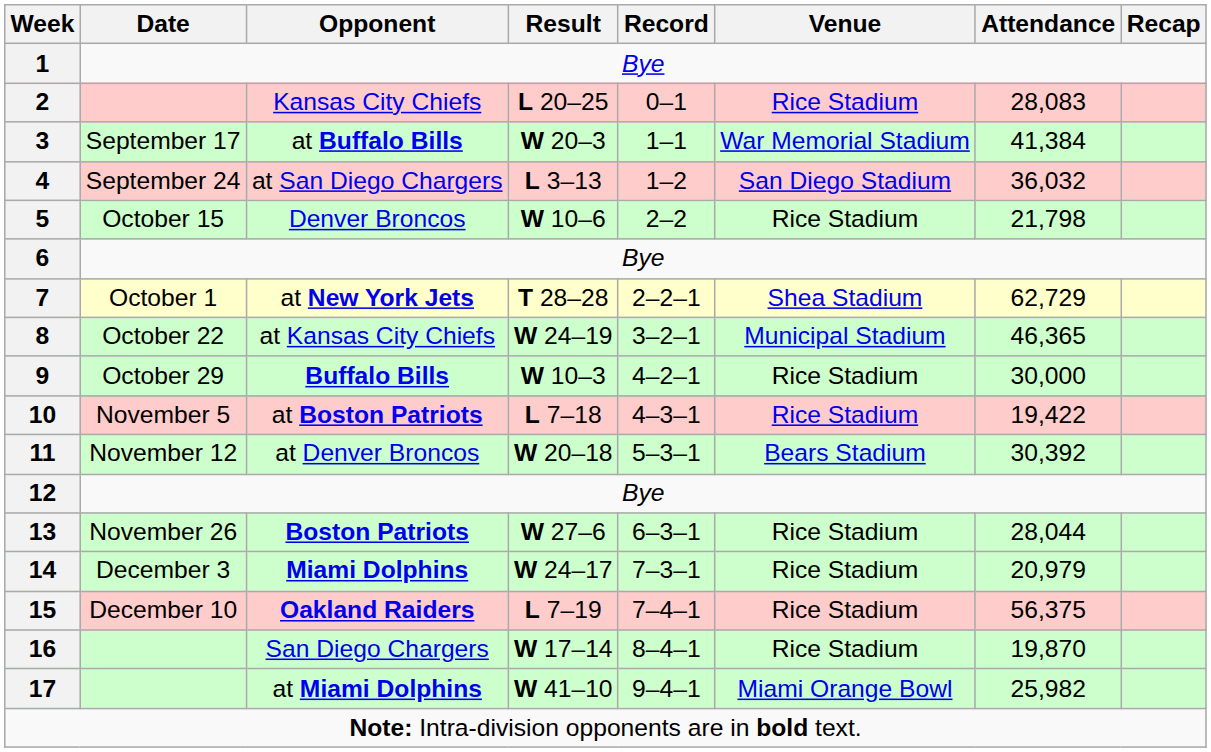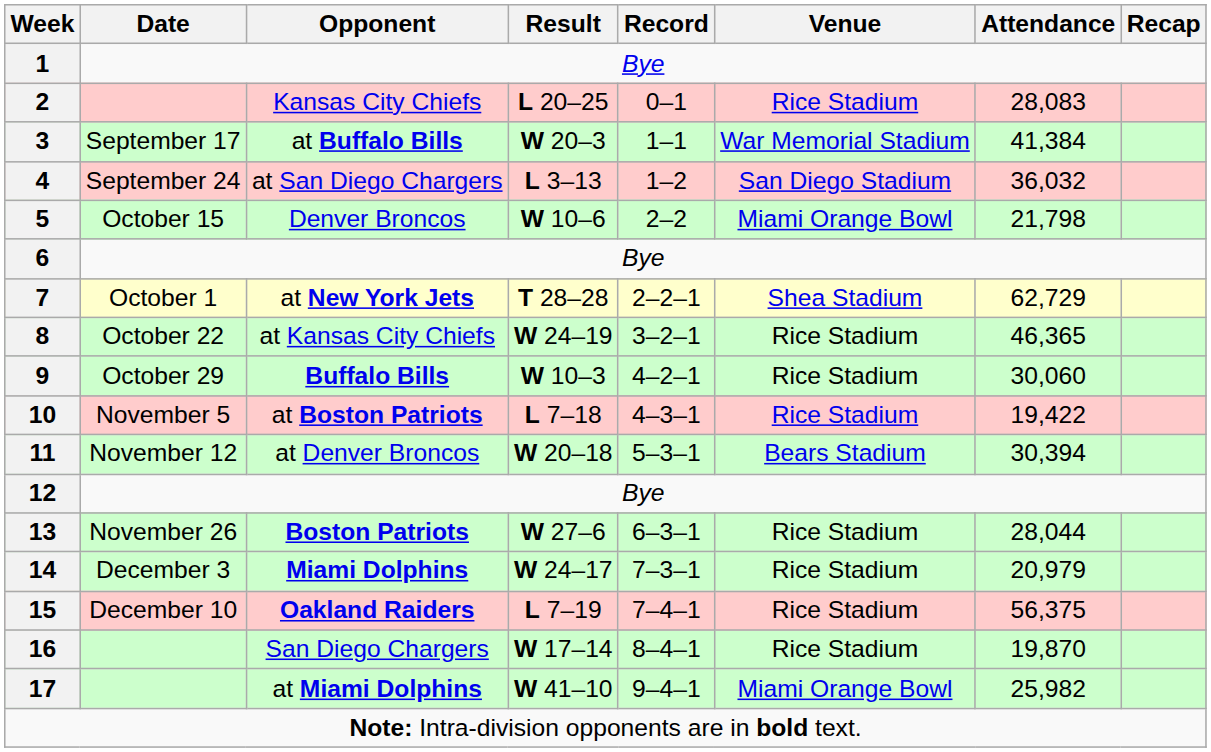 <table class="wikitable" style="text-align:center">
 <tr>
 <th>Week</th>
 <th>Date</th>
 <th>Opponent</th>
 <th>Result</th>
 <th>Record</th>
 <th>Venue</th>
 <th>Attendance</th>
 <th>Recap</th>
 </tr>
 <tr>
 <th>1</th>
 <td colspan=7 align=center><em><a href='#'>Bye</a></em></td>
 </tr>
 <tr style="background: #fcc;">
 <th>2</th>
 <td></td>
 <td><a href='#'>Kansas City Chiefs</a></td>
 <td><strong>L</strong> 20–25</td>
 <td>0–1</td>
 <td><a href='#'>Rice Stadium</a></td>
 <td>28,083</td>
 <td></td>
 </tr>
 <tr style="background: #cfc;">
 <th>3</th>
 <td>September 17</td>
 <td>at <strong><a href='#'>Buffalo Bills</a></strong></td>
 <td><strong>W</strong> 20–3</td>
 <td>1–1</td>
 <td><a href='#'>War Memorial Stadium</a></td>
 <td>41,384</td>
 <td></td>
 </tr>
 <tr style="background: #fcc;">
 <th>4</th>
 <td>September 24</td>
 <td>at <a href='#'>San Diego Chargers</a></td>
 <td><strong>L</strong> 3–13</td>
 <td>1–2</td>
 <td><a href='#'>San Diego Stadium</a></td>
 <td>36,032</td>
 <td></td>
 </tr>
 <tr style="background: #cfc;">
 <th>5</th>
 <td>October 15</td>
 <td><a href='#'>Denver Broncos</a></td>
 <td><strong>W</strong> 10–6</td>
 <td>2–2</td>
-<td>Rice Stadium</td>
+<td><a href='#'>Miami Orange Bowl</a></td>
 <td>21,798</td>
 <td></td>
 </tr>
 <tr>
 <th>6</th>
 <td colspan=7 align=center><em>Bye</em></td>
 </tr>
 <tr style="background: #ffc;">
 <th>7</th>
 <td>October 1</td>
 <td>at <strong><a href='#'>New York Jets</a></strong></td>
 <td><strong>T</strong> 28–28</td>
 <td>2–2–1</td>
 <td><a href='#'>Shea Stadium</a></td>
 <td>62,729</td>
 <td></td>
 </tr>
 <tr style="background: #cfc;">
 <th>8</th>
 <td>October 22</td>
 <td>at <a href='#'>Kansas City Chiefs</a></td>
 <td><strong>W</strong> 24–19</td>
 <td>3–2–1</td>
-<td><a href='#'>Municipal Stadium</a></td>
+<td>Rice Stadium</td>
 <td>46,365</td>
 <td></td>
 </tr>
 <tr style="background: #cfc;">
 <th>9</th>
 <td>October 29</td>
 <td><strong><a href='#'>Buffalo Bills</a></strong></td>
 <td><strong>W</strong> 10–3</td>
 <td>4–2–1</td>
 <td>Rice Stadium</td>
-<td>30,000</td>
+<td>30,060</td>
 <td></td>
 </tr>
 <tr style="background: #fcc;">
 <th>10</th>
 <td>November 5</td>
 <td>at <strong><a href='#'>Boston Patriots</a></strong></td>
 <td><strong>L</strong> 7–18</td>
 <td>4–3–1</td>
 <td><a href='#'>Rice Stadium</a></td>
 <td>19,422</td>
 <td></td>
 </tr>
 <tr style="background: #cfc;">
 <th>11</th>
 <td>November 12</td>
 <td>at <a href='#'>Denver Broncos</a></td>
 <td><strong>W</strong> 20–18</td>
 <td>5–3–1</td>
 <td><a href='#'>Bears Stadium</a></td>
-<td>30,392</td>
+<td>30,394</td>
 <td></td>
 </tr>
 <tr>
 <th>12</th>
 <td colspan=7 align=center><em>Bye</em></td>
 </tr>
 <tr style="background: #cfc;">
 <th>13</th>
 <td>November 26</td>
 <td><strong><a href='#'>Boston Patriots</a></strong></td>
 <td><strong>W</strong> 27–6</td>
 <td>6–3–1</td>
 <td>Rice Stadium</td>
 <td>28,044</td>
 <td></td>
 </tr>
 <tr style="background: #cfc;">
 <th>14</th>
 <td>December 3</td>
 <td><strong><a href='#'>Miami Dolphins</a></strong></td>
 <td><strong>W</strong> 24–17</td>
 <td>7–3–1</td>
 <td>Rice Stadium</td>
 <td>20,979</td>
 <td></td>
 </tr>
 <tr style="background: #fcc;">
 <th>15</th>
 <td>December 10</td>
 <td><strong><a href='#'>Oakland Raiders</a></strong></td>
 <td><strong>L</strong> 7–19</td>
 <td>7–4–1</td>
 <td>Rice Stadium</td>
 <td>56,375</td>
 <td></td>
 </tr>
 <tr style="background: #cfc;">
 <th>16</th>
 <td></td>
 <td><a href='#'>San Diego Chargers</a></td>
 <td><strong>W</strong> 17–14</td>
 <td>8–4–1</td>
 <td>Rice Stadium</td>
 <td>19,870</td>
 <td></td>
 </tr>
 <tr style="background: #cfc;">
 <th>17</th>
 <td></td>
 <td>at <strong><a href='#'>Miami Dolphins</a></strong></td>
 <td><strong>W</strong> 41–10</td>
 <td>9–4–1</td>
 <td><a href='#'>Miami Orange Bowl</a></td>
 <td>25,982</td>
 <td></td>
 </tr>
 <tr>
 <td colspan="8"><strong>Note:</strong> Intra-division opponents are in <strong>bold</strong> text.</td>
 </tr>
 </table>
